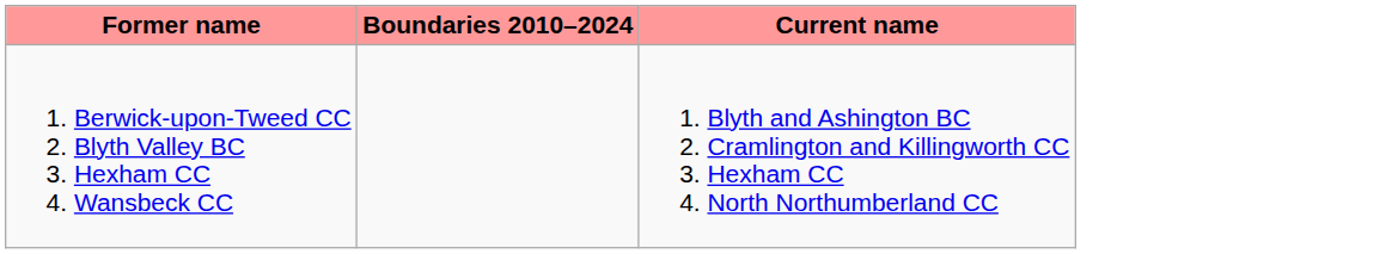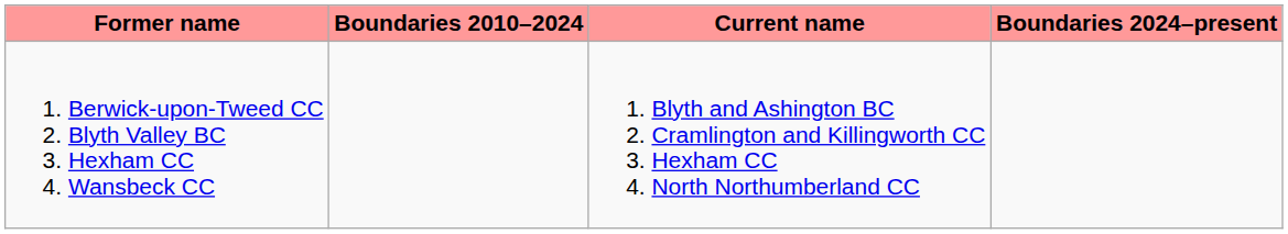 <table class="wikitable">
 <tr>
 <th style="background-color:#ff9999">Former name</th>
 <th style="background-color:#ff9999">Boundaries 2010–2024</th>
 <th style="background-color:#ff9999">Current name</th>
+<th style="background-color:#ff9999">Boundaries 2024–present</th>
 </tr>
 <tr>
 <td><br><ol><li><a href='#'>Berwick-upon-Tweed CC</a></li><li><a href='#'>Blyth Valley BC</a></li><li><a href='#'>Hexham CC</a></li><li><a href='#'>Wansbeck CC</a></li></ol></td>
 <td></td>
 <td><br><ol><li><a href='#'>Blyth and Ashington BC</a></li><li><a href='#'>Cramlington and Killingworth CC</a></li><li><a href='#'>Hexham CC</a></li><li><a href='#'>North Northumberland CC</a></li></ol></td>
+<td></td>
 </tr>
 </table>
